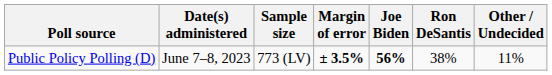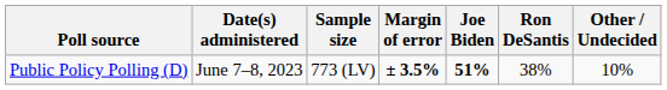 <table class="wikitable sortable mw-datatable" style="font-size:90%;text-align:center;line-height:17px">
 <tr valign=bottom>
 <th>Poll source</th>
 <th>Date(s)<br>administered</th>
 <th>Sample<br>size</th>
 <th>Margin<br>of error</th>
 <th class="unsortable">Joe<br>Biden<br></th>
 <th class="unsortable">Ron<br>DeSantis<br></th>
 <th class="unsortable">Other /<br>Undecided</th>
 </tr>
 <tr>
 <td style="text-align:left;"><a href='#'>Public Policy Polling (D)</a></td>
 <td data-sort-value="2023-06-08">June 7–8, 2023</td>
 <td>773 (LV)</td>
 <td><strong>± 3.5%</strong></td>
-<td style="color:black;background-color:"><strong>56%</strong></td>
+<td style="color:black;background-color:"><strong>51%</strong></td>
 <td>38%</td>
-<td>11%</td>
+<td>10%</td>
 </tr>
 </table>
